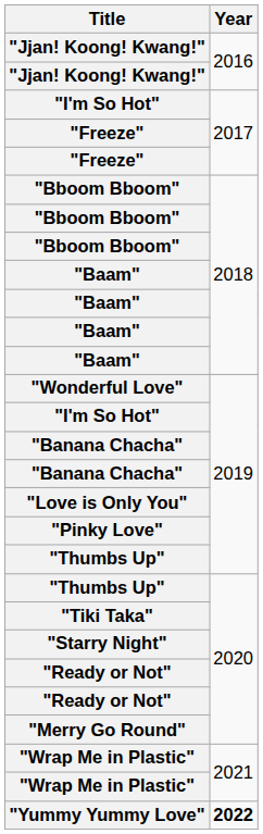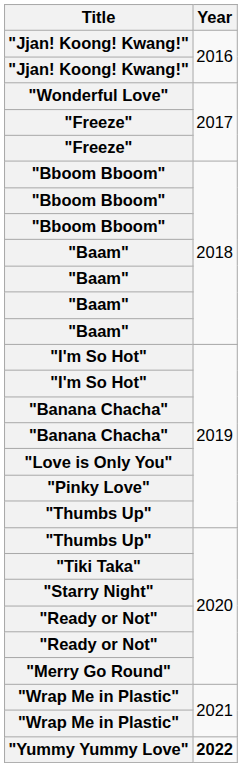 <table class="wikitable plainrowheaders" style="text-align:center">
 <tr>
 <th>Title</th>
 <th>Year</th>
 </tr>
 <tr>
 <th scope="row">"Jjan! Koong! Kwang!"</th>
 <td rowspan="2">2016</td>
 </tr>
 <tr>
 <th scope="row">"Jjan! Koong! Kwang!" </th>
 </tr>
 <tr>
-<th scope="row">"I'm So Hot"</th>
+<th scope="row">"Wonderful Love"</th>
 <td rowspan="3">2017</td>
 </tr>
 <tr>
 <th scope="row">"Freeze"</th>
 </tr>
 <tr>
 <th scope="row">"Freeze" </th>
 </tr>
 <tr>
 <th scope="row">"Bboom Bboom"</th>
 <td rowspan="7">2018</td>
 </tr>
 <tr>
 <th scope="row">"Bboom Bboom" </th>
 </tr>
 <tr>
 <th scope="row">"Bboom Bboom" </th>
 </tr>
 <tr>
 <th scope="row">"Baam"</th>
 </tr>
 <tr>
 <th scope="row">"Baam" </th>
 </tr>
 <tr>
 <th scope="row">"Baam" </th>
 </tr>
 <tr>
 <th scope="row">"Baam" </th>
 </tr>
 <tr>
-<th scope="row">"Wonderful Love"</th>
+<th scope="row">"I'm So Hot"</th>
 <td rowspan="7">2019</td>
 </tr>
 <tr>
 <th scope="row">"I'm So Hot" </th>
 </tr>
 <tr>
 <th scope="row">"Banana Chacha"</th>
 </tr>
 <tr>
 <th scope="row">"Banana Chacha" </th>
 </tr>
 <tr>
 <th scope="row">"Love is Only You"</th>
 </tr>
 <tr>
 <th scope="row">"Pinky Love"</th>
 </tr>
 <tr>
 <th scope="row">"Thumbs Up"</th>
 </tr>
 <tr>
 <th scope="row">"Thumbs Up" </th>
 <td rowspan="6">2020</td>
 </tr>
 <tr>
 <th scope="row">"Tiki Taka"</th>
 </tr>
 <tr>
 <th scope="row">"Starry Night"</th>
 </tr>
 <tr>
 <th scope="row">"Ready or Not"</th>
 </tr>
 <tr>
 <th scope="row">"Ready or Not" </th>
 </tr>
 <tr>
 <th scope="row">"Merry Go Round"</th>
 </tr>
 <tr>
 <th scope="row">"Wrap Me in Plastic"</th>
 <td rowspan="2">2021</td>
 </tr>
 <tr>
 <th scope="row">"Wrap Me in Plastic" </th>
 </tr>
 <tr>
 <th scope="row">"Yummy Yummy Love"</th>
 <td><strong>2022</strong></td>
 </tr>
 </table>
